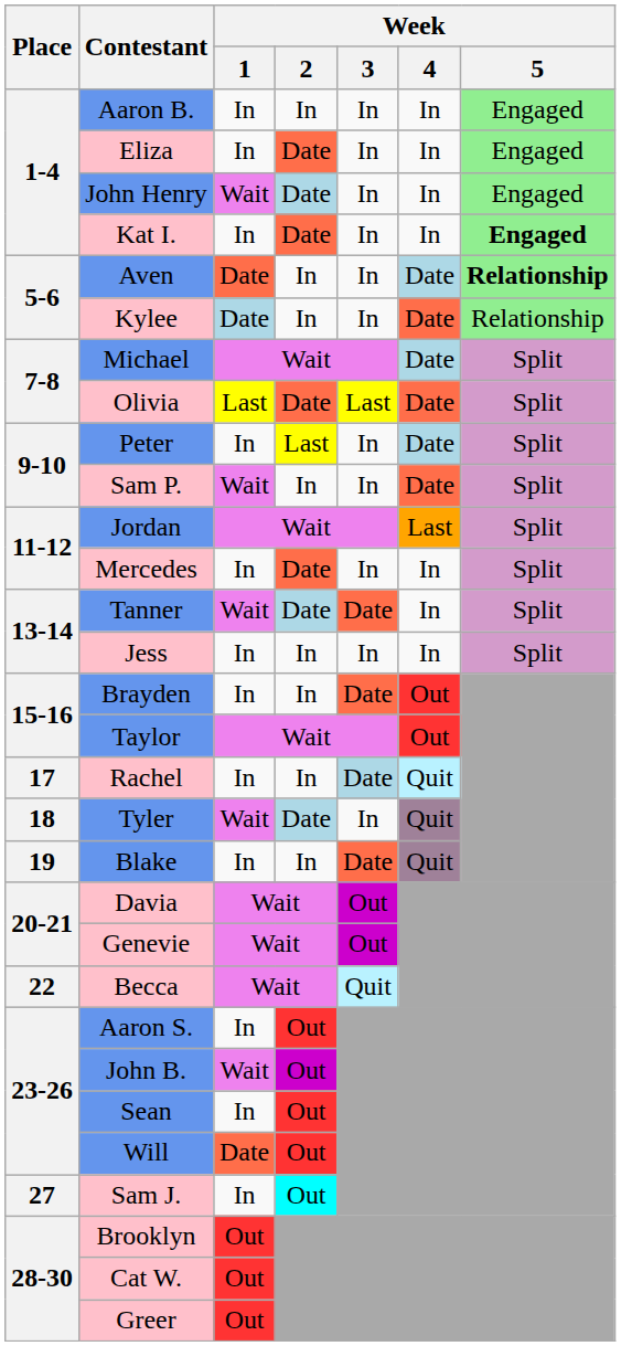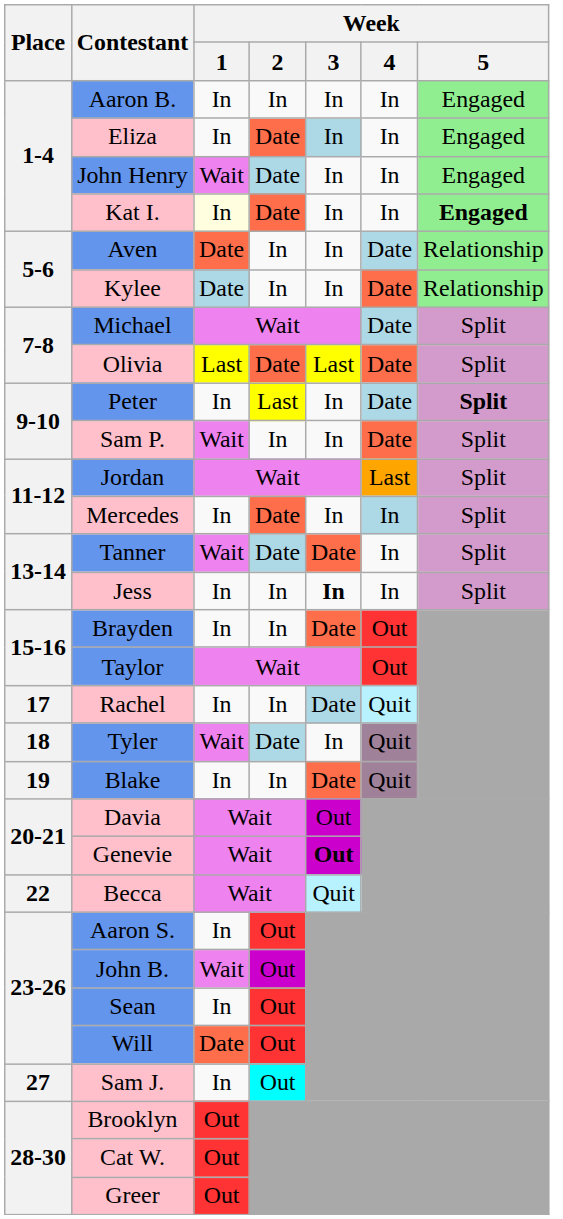 <table class="wikitable" style="text-align:center">
 <tr>
 <th rowspan="2">Place</th>
 <th rowspan="2">Contestant</th>
 <th colspan="5">Week</th>
 </tr>
 <tr>
 <th>1</th>
 <th>2</th>
 <th>3</th>
 <th>4</th>
 <th>5</th>
 </tr>
 <tr>
 <th rowspan="4">1-4</th>
 <td bgcolor="#6495ED">Aaron B.</td>
 <td>In</td>
 <td>In</td>
 <td>In</td>
 <td>In</td>
 <td bgcolor="90EE90">Engaged</td>
 </tr>
 <tr>
 <td bgcolor="#FFC0CB">Eliza</td>
 <td>In</td>
 <td bgcolor="#FF6E4A">Date</td>
-<td>In</td>
+<td style="background: lightblue;">In</td>
 <td>In</td>
 <td bgcolor="90EE90">Engaged</td>
 </tr>
 <tr>
 <td bgcolor="#6495ED">John Henry</td>
 <td bgcolor="violet">Wait</td>
 <td bgcolor="#ADD8E6">Date</td>
 <td>In</td>
 <td>In</td>
 <td bgcolor="90EE90">Engaged</td>
 </tr>
 <tr>
 <td bgcolor="#FFC0CB">Kat I.</td>
-<td>In</td>
+<td style="background: lightyellow;">In</td>
 <td bgcolor="#FF6E4A">Date</td>
 <td>In</td>
 <td>In</td>
 <td bgcolor="90EE90"><strong>Engaged</strong></td>
 </tr>
 <tr>
 <th rowspan="2">5-6</th>
 <td bgcolor="#6495ED">Aven</td>
 <td bgcolor="#FF6E4A">Date</td>
 <td>In</td>
 <td>In</td>
 <td bgcolor="#ADD8E6">Date</td>
-<td bgcolor="90EE90"><strong>Relationship</strong></td>
+<td bgcolor="90EE90">Relationship</td>
 </tr>
 <tr>
 <td bgcolor="#FFC0CB">Kylee</td>
 <td bgcolor="#ADD8E6">Date</td>
 <td>In</td>
 <td>In</td>
 <td bgcolor="#FF6E4A">Date</td>
 <td bgcolor="90EE90">Relationship</td>
 </tr>
 <tr>
 <th rowspan="2">7-8</th>
 <td bgcolor="#6495ED">Michael</td>
 <td colspan="3" bgcolor="violet">Wait</td>
 <td bgcolor="#ADD8E6">Date</td>
 <td bgcolor="#d39bcb">Split</td>
 </tr>
 <tr>
 <td bgcolor="#FFC0CB">Olivia</td>
 <td bgcolor="#FFFF00">Last</td>
 <td bgcolor="#FF6E4A">Date</td>
 <td bgcolor="#FFFF00">Last</td>
 <td bgcolor="#FF6E4A">Date</td>
 <td bgcolor="#d39bcb">Split</td>
 </tr>
 <tr>
 <th rowspan="2">9-10</th>
 <td bgcolor="#6495ED">Peter</td>
 <td>In</td>
 <td bgcolor="#FFFF00">Last</td>
 <td>In</td>
 <td bgcolor="#ADD8E6">Date</td>
-<td bgcolor="#d39bcb">Split</td>
+<td bgcolor="#d39bcb"><strong>Split</strong></td>
 </tr>
 <tr>
 <td bgcolor="#FFC0CB">Sam P.</td>
 <td bgcolor="violet">Wait</td>
 <td>In</td>
 <td>In</td>
 <td bgcolor="#FF6E4A">Date</td>
 <td bgcolor="#d39bcb">Split</td>
 </tr>
 <tr>
 <th rowspan="2">11-12</th>
 <td bgcolor="#6495ED">Jordan</td>
 <td colspan="3" bgcolor="violet">Wait</td>
 <td bgcolor="#FFA500">Last</td>
 <td bgcolor="#d39bcb">Split</td>
 </tr>
 <tr>
 <td bgcolor="#FFC0CB">Mercedes</td>
 <td>In</td>
 <td bgcolor="#FF6E4A">Date</td>
 <td>In</td>
-<td>In</td>
+<td style="background: lightblue;">In</td>
 <td bgcolor="#d39bcb">Split</td>
 </tr>
 <tr>
 <th rowspan="2">13-14</th>
 <td bgcolor="#6495ED">Tanner</td>
 <td bgcolor="violet">Wait</td>
 <td bgcolor="#ADD8E6">Date</td>
 <td bgcolor="#FF6E4A">Date</td>
 <td>In</td>
 <td bgcolor="#d39bcb">Split</td>
 </tr>
 <tr>
 <td bgcolor="#FFC0CB">Jess</td>
 <td>In</td>
 <td>In</td>
-<td>In</td>
+<td><strong>In</strong></td>
 <td>In</td>
 <td bgcolor="#d39bcb">Split</td>
 </tr>
 <tr>
 <th rowspan="2">15-16</th>
 <td bgcolor="#6495ED">Brayden</td>
 <td>In</td>
 <td>In</td>
 <td bgcolor="#FF6E4A">Date</td>
 <td bgcolor="#FF3333">Out</td>
 <td rowspan="5" bgcolor="#A9A9A9"></td>
 </tr>
 <tr>
 <td bgcolor="#6495ED">Taylor</td>
 <td colspan="3" bgcolor="violet">Wait</td>
 <td bgcolor="#FF3333">Out</td>
 </tr>
 <tr>
 <th>17</th>
 <td bgcolor="#FFC0CB">Rachel</td>
 <td>In</td>
 <td>In</td>
 <td bgcolor="#ADD8E6">Date</td>
 <td bgcolor="#B9F2FF">Quit</td>
 </tr>
 <tr>
 <th>18</th>
 <td bgcolor="#6495ED">Tyler</td>
 <td bgcolor="violet">Wait</td>
 <td bgcolor="#ADD8E6">Date</td>
 <td>In</td>
 <td bgcolor="#9F8199">Quit</td>
 </tr>
 <tr>
 <th>19</th>
 <td bgcolor="#6495ED">Blake</td>
 <td>In</td>
 <td>In</td>
 <td bgcolor="#FF6E4A">Date</td>
 <td bgcolor="#9F8199">Quit</td>
 </tr>
 <tr>
 <th rowspan="2">20-21</th>
 <td bgcolor="#FFC0CB">Davia</td>
 <td colspan="2" bgcolor="violet">Wait</td>
 <td bgcolor="#CC00CC">Out</td>
 <td colspan="2" rowspan="3" bgcolor="#A9A9A9"></td>
 </tr>
 <tr>
 <td bgcolor="#FFC0CB">Genevie</td>
 <td colspan="2" bgcolor="violet">Wait</td>
-<td bgcolor="#CC00CC">Out</td>
+<td bgcolor="#CC00CC"><strong>Out</strong></td>
 </tr>
 <tr>
 <th>22</th>
 <td bgcolor="#FFC0CB">Becca</td>
 <td colspan="2" bgcolor="violet">Wait</td>
 <td bgcolor="#B9F2FF">Quit</td>
 </tr>
 <tr>
 <th rowspan="4">23-26</th>
 <td bgcolor="#6495ED">Aaron S.</td>
 <td>In</td>
 <td bgcolor="#FF3333">Out</td>
 <td colspan="3" rowspan="5" bgcolor="#A9A9A9"></td>
 </tr>
 <tr>
 <td bgcolor="#6495ED">John B.</td>
 <td bgcolor="violet">Wait</td>
 <td bgcolor="#CC00CC">Out</td>
 </tr>
 <tr>
 <td bgcolor="#6495ED">Sean</td>
 <td>In</td>
 <td bgcolor="#FF3333">Out</td>
 </tr>
 <tr>
 <td bgcolor="#6495ED">Will</td>
 <td bgcolor="#FF6E4A">Date</td>
 <td bgcolor="#FF3333">Out</td>
 </tr>
 <tr>
 <th>27</th>
 <td bgcolor="#FFC0CB">Sam J.</td>
 <td>In</td>
 <td bgcolor="#00ffff">Out</td>
 </tr>
 <tr>
 <th rowspan="3">28-30</th>
 <td bgcolor="#FFC0CB">Brooklyn</td>
 <td bgcolor="#FF3333">Out</td>
 <td colspan="4" rowspan="3" bgcolor="#A9A9A9"></td>
 </tr>
 <tr>
 <td bgcolor="#FFC0CB">Cat W.</td>
 <td bgcolor="#FF3333">Out</td>
 </tr>
 <tr>
 <td bgcolor="#FFC0CB">Greer</td>
 <td bgcolor="#FF3333">Out</td>
 </tr>
 </table>
